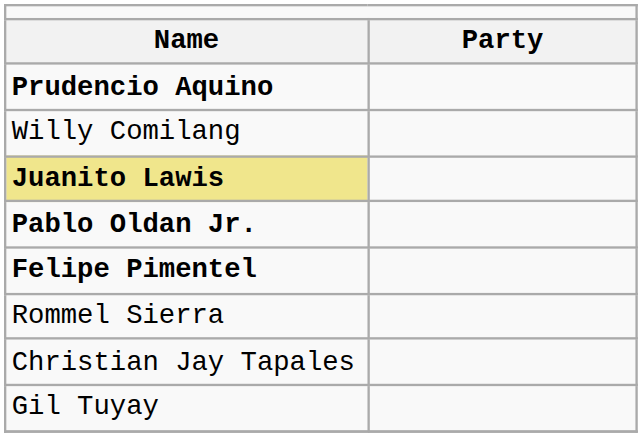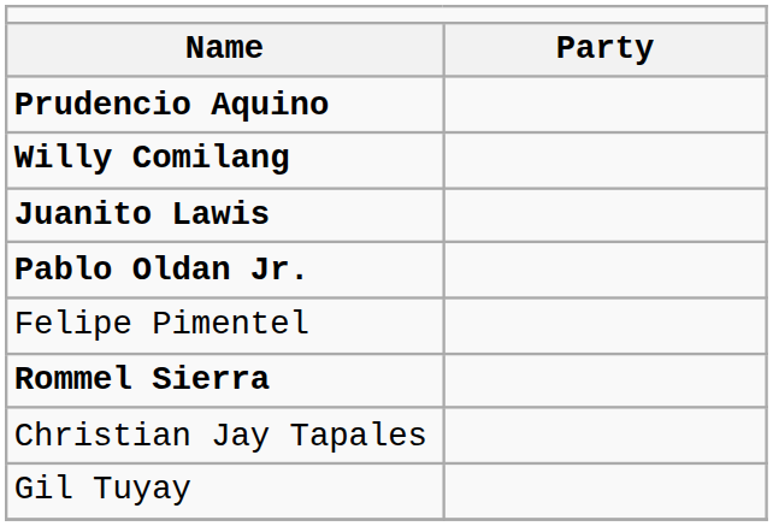 <table class=wikitable style="font-size:90%">
 <tr>
 <td colspan=4 bgcolor=></td>
 </tr>
 <tr>
 <th width=150px>Name</th>
 <th colspan=2 width=110px>Party</th>
 </tr>
 <tr>
 <td><strong>Prudencio Aquino</strong></td>
 <td></td>
 </tr>
 <tr>
-<td>Willy Comilang</td>
+<td><strong>Willy Comilang</strong></td>
 <td></td>
 </tr>
 <tr>
-<td style="background: khaki;"><strong>Juanito Lawis</strong></td>
+<td><strong>Juanito Lawis</strong></td>
 <td></td>
 </tr>
 <tr>
 <td><strong>Pablo Oldan Jr.</strong></td>
 <td></td>
 </tr>
 <tr>
-<td><strong>Felipe Pimentel</strong></td>
+<td>Felipe Pimentel</td>
 <td></td>
 </tr>
 <tr>
-<td>Rommel Sierra</td>
+<td><strong>Rommel Sierra</strong></td>
 <td></td>
 </tr>
 <tr>
 <td>Christian Jay Tapales</td>
 <td></td>
 </tr>
 <tr>
 <td>Gil Tuyay</td>
 <td></td>
 </tr>
 <tr>
 </tr>
 </table>
